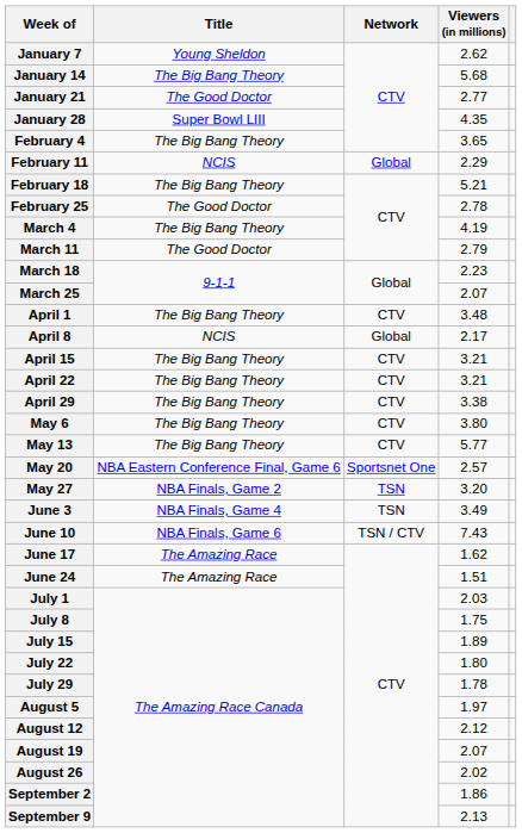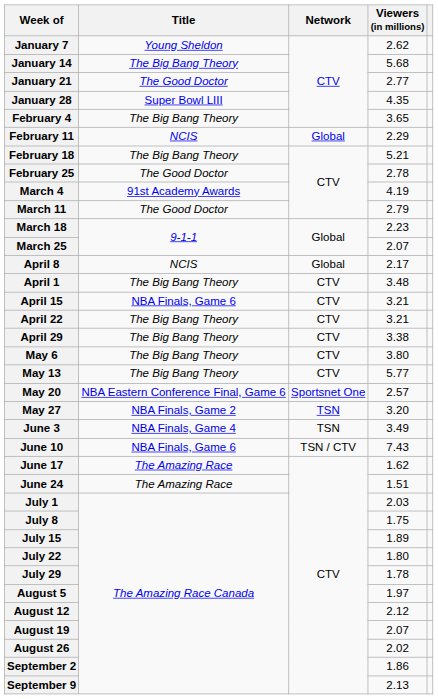 <table class="wikitable plainrowheaders" style="text-align: center; display: inline-table;">
 <tr>
 <th>Week of</th>
 <th>Title</th>
 <th>Network</th>
 <th>Viewers<br><small>(in millions)</small></th>
 <th></th>
 </tr>
 <tr>
 <th scope="row">January 7</th>
 <td><em><a href='#'>Young Sheldon</a></em></td>
 <td rowspan="5"><a href='#'>CTV</a></td>
 <td>2.62</td>
 <td></td>
 </tr>
 <tr>
 <th scope="row">January 14</th>
 <td><em><a href='#'>The Big Bang Theory</a></em></td>
 <td>5.68</td>
 <td></td>
 </tr>
 <tr>
 <th scope="row">January 21</th>
 <td><em><a href='#'>The Good Doctor</a></em></td>
 <td>2.77</td>
 <td></td>
 </tr>
 <tr>
 <th scope="row">January 28</th>
 <td><a href='#'>Super Bowl LIII</a></td>
 <td>4.35</td>
 <td></td>
 </tr>
 <tr>
 <th scope="row">February 4</th>
 <td><em>The Big Bang Theory</em></td>
 <td>3.65</td>
 <td></td>
 </tr>
 <tr>
 <th scope="row">February 11</th>
 <td><em><a href='#'>NCIS</a></em></td>
 <td><a href='#'>Global</a></td>
 <td>2.29</td>
 <td></td>
 </tr>
 <tr>
 <th scope="row">February 18</th>
 <td><em>The Big Bang Theory</em></td>
 <td rowspan="4">CTV</td>
 <td>5.21</td>
 <td></td>
 </tr>
 <tr>
 <th scope="row">February 25</th>
 <td><em>The Good Doctor</em></td>
 <td>2.78</td>
 <td></td>
 </tr>
 <tr>
 <th scope="row">March 4</th>
-<td><em>The Big Bang Theory</em></td>
+<td><a href='#'>91st Academy Awards</a></td>
 <td>4.19</td>
 <td></td>
 </tr>
 <tr>
 <th scope="row">March 11</th>
 <td><em>The Good Doctor</em></td>
 <td>2.79</td>
 <td></td>
 </tr>
 <tr>
 <th scope="row">March 18</th>
 <td rowspan="2"><em><a href='#'>9-1-1</a></em></td>
 <td rowspan="2">Global</td>
 <td>2.23</td>
 <td></td>
 </tr>
 <tr>
 <th scope="row">March 25</th>
 <td>2.07</td>
 <td></td>
 </tr>
 <tr>
+<th scope="row">April 8</th>
+<td><em>NCIS</em></td>
+<td>Global</td>
+<td>2.17</td>
+<td></td>
+</tr>
+<tr>
 <th scope="row">April 1</th>
 <td><em>The Big Bang Theory</em></td>
 <td>CTV</td>
 <td>3.48</td>
 <td></td>
 </tr>
 <tr>
-<th scope="row">April 8</th>
-<td><em>NCIS</em></td>
-<td>Global</td>
-<td>2.17</td>
-<td></td>
-</tr>
-<tr>
 <th scope="row">April 15</th>
-<td><em>The Big Bang Theory</em></td>
+<td><a href='#'>NBA Finals, Game 6</a></td>
 <td>CTV</td>
 <td>3.21</td>
 <td></td>
 </tr>
 <tr>
 <th scope="row">April 22</th>
 <td><em>The Big Bang Theory</em></td>
 <td>CTV</td>
 <td>3.21</td>
 <td></td>
 </tr>
 <tr>
 <th scope="row">April 29</th>
 <td><em>The Big Bang Theory</em></td>
 <td>CTV</td>
 <td>3.38</td>
 <td></td>
 </tr>
 <tr>
 <th scope="row">May 6</th>
 <td><em>The Big Bang Theory</em></td>
 <td>CTV</td>
 <td>3.80</td>
 <td></td>
 </tr>
 <tr>
 <th scope="row">May 13</th>
 <td><em>The Big Bang Theory</em></td>
 <td>CTV</td>
 <td>5.77</td>
 <td></td>
 </tr>
 <tr>
 <th scope="row">May 20</th>
 <td><a href='#'>NBA Eastern Conference Final, Game 6</a></td>
 <td><a href='#'>Sportsnet One</a></td>
 <td>2.57</td>
 <td></td>
 </tr>
 <tr>
 <th scope="row">May 27</th>
 <td><a href='#'>NBA Finals, Game 2</a></td>
 <td><a href='#'>TSN</a></td>
 <td>3.20</td>
 <td></td>
 </tr>
 <tr>
 <th scope="row">June 3</th>
 <td><a href='#'>NBA Finals, Game 4</a></td>
 <td>TSN</td>
 <td>3.49</td>
 <td></td>
 </tr>
 <tr>
 <th scope="row">June 10</th>
 <td><a href='#'>NBA Finals, Game 6</a></td>
 <td>TSN / CTV</td>
 <td>7.43</td>
 <td></td>
 </tr>
 <tr>
 <th scope="row">June 17</th>
 <td><em><a href='#'>The Amazing Race</a></em></td>
 <td rowspan="13">CTV</td>
 <td>1.62</td>
 <td></td>
 </tr>
 <tr>
 <th scope="row">June 24</th>
 <td><em>The Amazing Race</em></td>
 <td>1.51</td>
 <td></td>
 </tr>
 <tr>
 <th scope="row">July 1</th>
 <td rowspan="12"><em><a href='#'>The Amazing Race Canada</a></em></td>
 <td>2.03</td>
 <td></td>
 </tr>
 <tr>
 <th scope="row">July 8</th>
 <td>1.75</td>
 <td></td>
 </tr>
 <tr>
 <th scope="row">July 15</th>
 <td>1.89</td>
 <td></td>
 </tr>
 <tr>
 <th scope="row">July 22</th>
 <td>1.80</td>
 <td></td>
 </tr>
 <tr>
 <th scope="row">July 29</th>
 <td>1.78</td>
 <td></td>
 </tr>
 <tr>
 <th scope="row">August 5</th>
 <td>1.97</td>
 <td></td>
 </tr>
 <tr>
 <th scope="row">August 12</th>
 <td>2.12</td>
 <td></td>
 </tr>
 <tr>
 <th scope="row">August 19</th>
 <td>2.07</td>
 <td></td>
 </tr>
 <tr>
 <th scope="row">August 26</th>
 <td>2.02</td>
 <td></td>
 </tr>
 <tr>
 <th scope="row">September 2</th>
 <td>1.86</td>
 <td></td>
 </tr>
 <tr>
 <th scope="row">September 9</th>
 <td>2.13</td>
 <td></td>
 </tr>
 </table>
